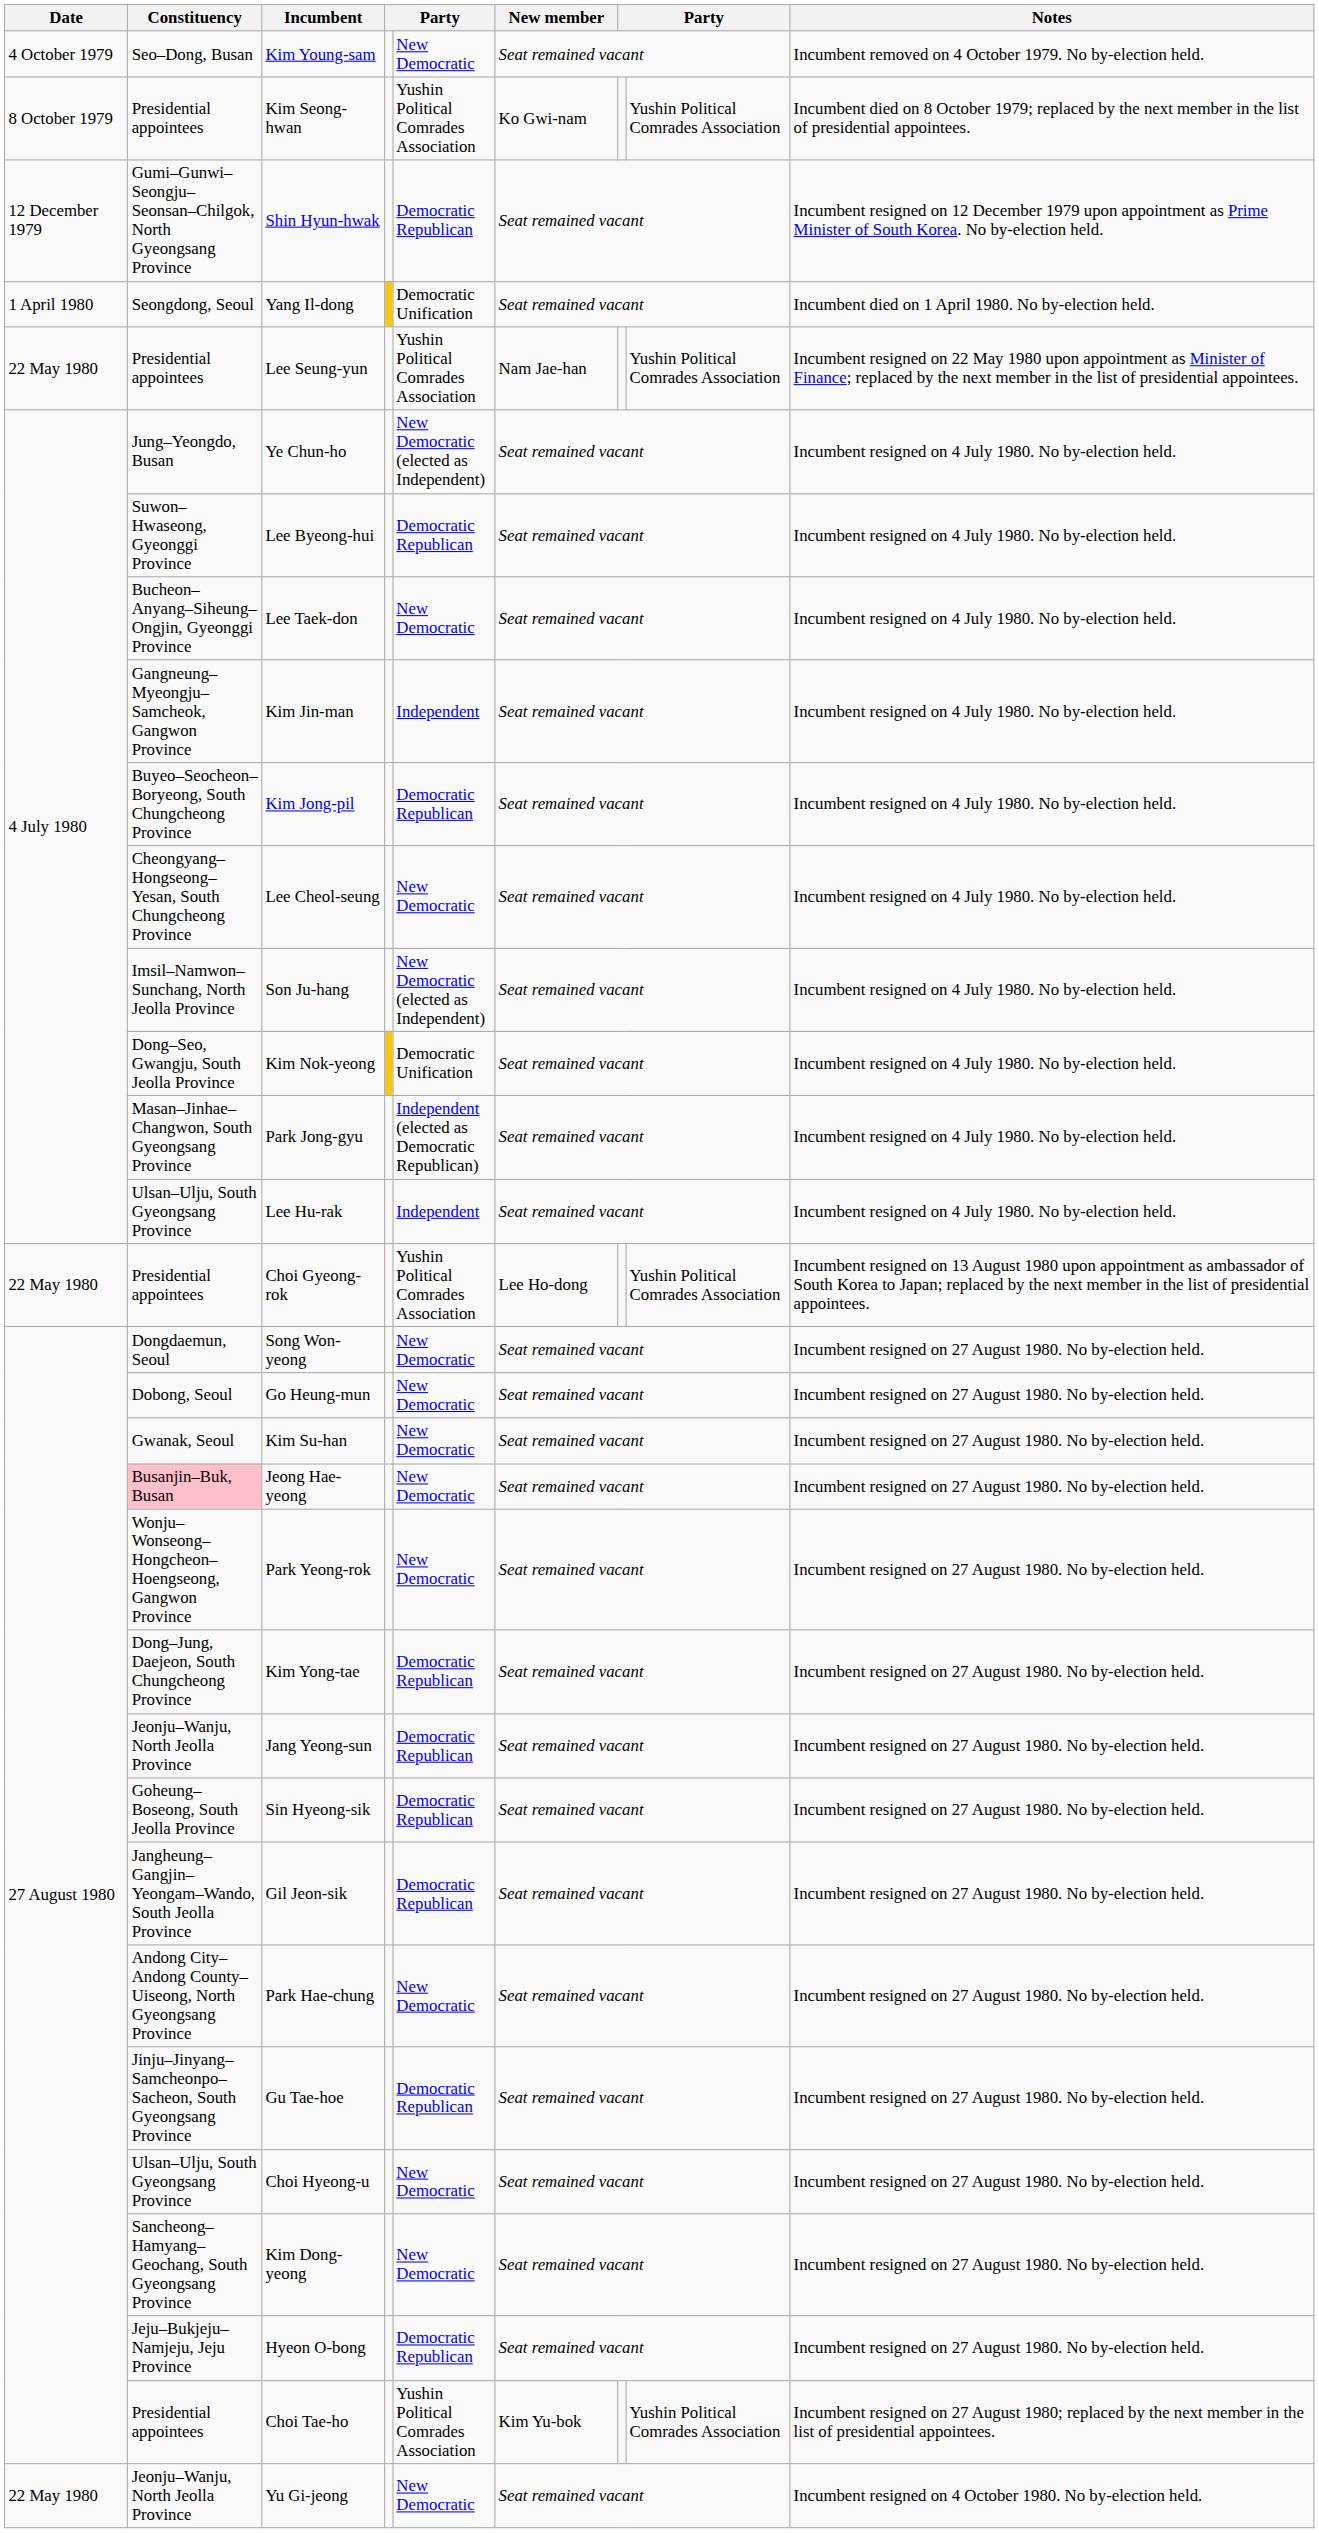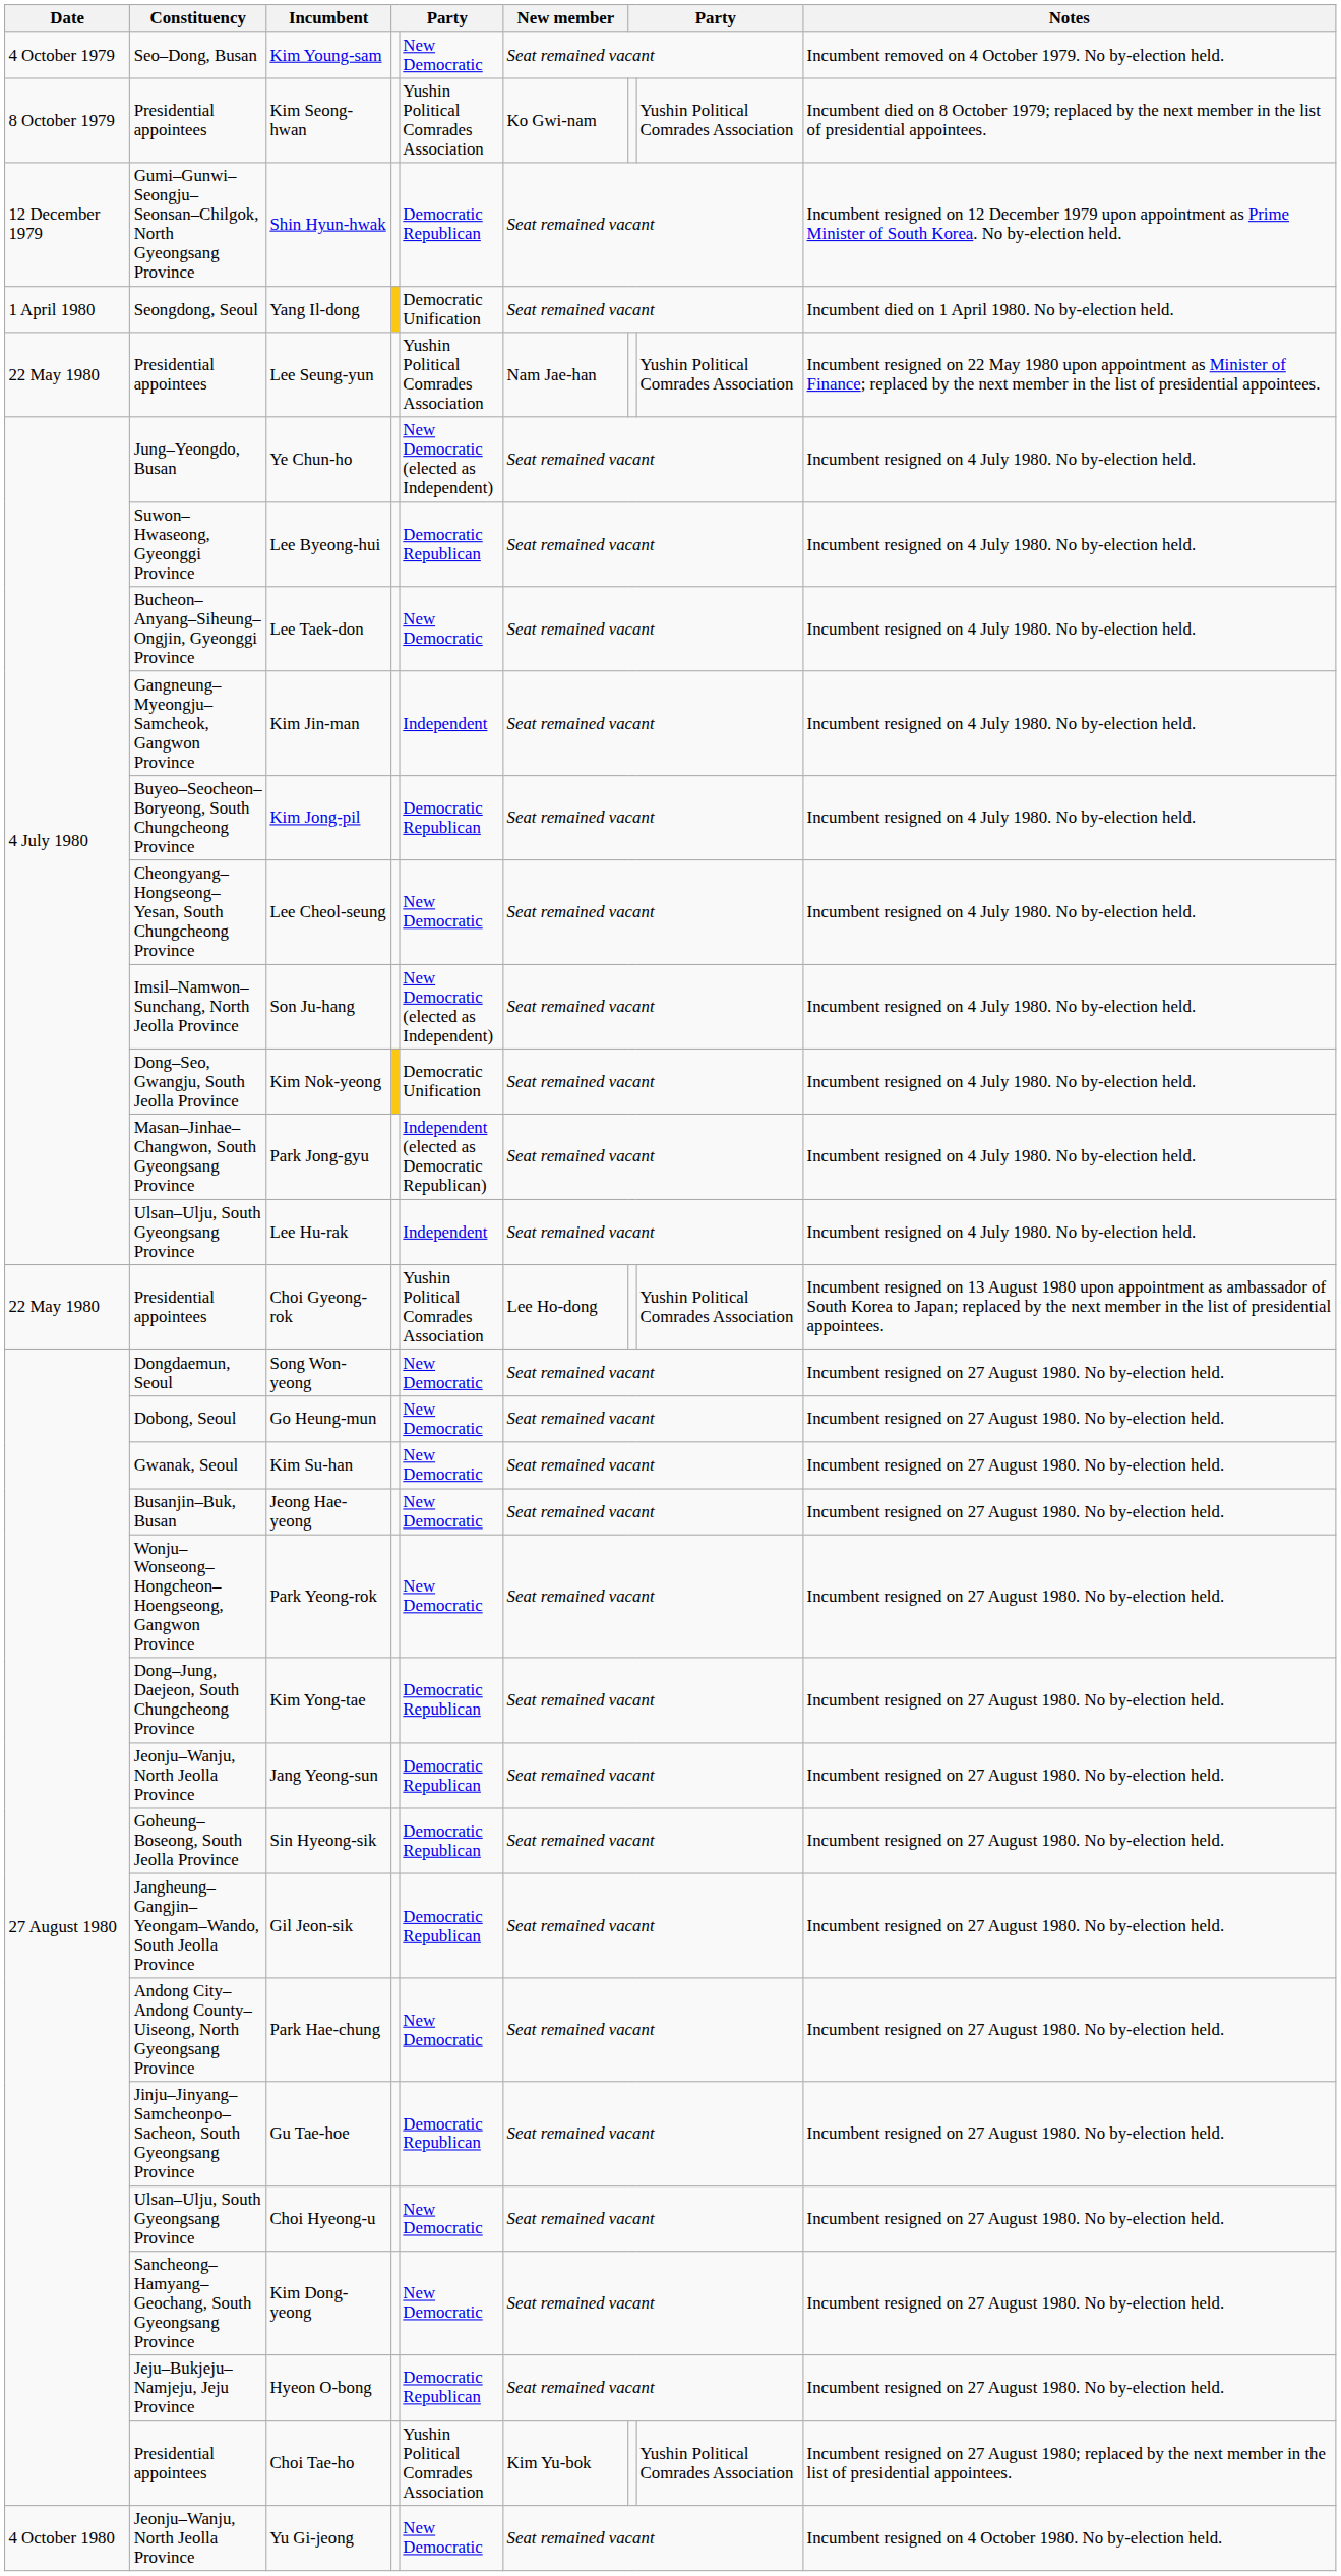 <table class="wikitable sortable plainrowheaders">
 <tr>
 <th width="110px">Date</th>
 <th width="120px">Constituency</th>
 <th width="110px">Incumbent</th>
 <th colspan="2">Party</th>
 <th width="110px">New member</th>
 <th colspan="2">Party</th>
 <th class="unsortable">Notes</th>
 </tr>
 <tr>
 <td>4 October 1979</td>
 <td>Seo–Dong, Busan</td>
 <td><a href='#'>Kim Young-sam</a></td>
 <td></td>
 <td width="90px"><a href='#'>New Democratic</a></td>
 <td colspan="3"><em>Seat remained vacant</em></td>
 <td>Incumbent removed on 4 October 1979. No by-election held.</td>
 </tr>
 <tr>
 <td>8 October 1979</td>
 <td>Presidential appointees</td>
 <td>Kim Seong-hwan</td>
 <td></td>
 <td>Yushin Political Comrades Association</td>
 <td>Ko Gwi-nam</td>
 <td></td>
 <td>Yushin Political Comrades Association</td>
 <td>Incumbent died on 8 October 1979; replaced by the next member in the list of presidential appointees.</td>
 </tr>
 <tr>
 <td>12 December 1979</td>
 <td>Gumi–Gunwi–Seongju–Seonsan–Chilgok, North Gyeongsang Province</td>
 <td><a href='#'>Shin Hyun-hwak</a></td>
 <td></td>
 <td><a href='#'>Democratic Republican</a></td>
 <td colspan="3"><em>Seat remained vacant</em></td>
 <td>Incumbent resigned on 12 December 1979 upon appointment as <a href='#'>Prime Minister of South Korea</a>. No by-election held.</td>
 </tr>
 <tr>
 <td>1 April 1980</td>
 <td>Seongdong, Seoul</td>
 <td>Yang Il-dong</td>
 <td bgcolor=#FAC813></td>
 <td>Democratic Unification</td>
 <td colspan="3"><em>Seat remained vacant</em></td>
 <td>Incumbent died on 1 April 1980. No by-election held.</td>
 </tr>
 <tr>
 <td>22 May 1980</td>
 <td>Presidential appointees</td>
 <td>Lee Seung-yun</td>
 <td></td>
 <td>Yushin Political Comrades Association</td>
 <td>Nam Jae-han</td>
 <td></td>
 <td>Yushin Political Comrades Association</td>
 <td>Incumbent resigned on 22 May 1980 upon appointment as <a href='#'>Minister of Finance</a>; replaced by the next member in the list of presidential appointees.</td>
 </tr>
 <tr>
 <td rowspan="10">4 July 1980</td>
 <td>Jung–Yeongdo, Busan</td>
 <td>Ye Chun-ho</td>
 <td></td>
 <td><a href='#'>New Democratic</a> (elected as Independent)</td>
 <td colspan="3"><em>Seat remained vacant</em></td>
 <td>Incumbent resigned on 4 July 1980. No by-election held.</td>
 </tr>
 <tr>
 <td>Suwon–Hwaseong, Gyeonggi Province</td>
 <td>Lee Byeong-hui</td>
 <td></td>
 <td><a href='#'>Democratic Republican</a></td>
 <td colspan="3"><em>Seat remained vacant</em></td>
 <td>Incumbent resigned on 4 July 1980. No by-election held.</td>
 </tr>
 <tr>
 <td>Bucheon–Anyang–Siheung–Ongjin, Gyeonggi Province</td>
 <td>Lee Taek-don</td>
 <td></td>
 <td><a href='#'>New Democratic</a></td>
 <td colspan="3"><em>Seat remained vacant</em></td>
 <td>Incumbent resigned on 4 July 1980. No by-election held.</td>
 </tr>
 <tr>
 <td>Gangneung–Myeongju–Samcheok, Gangwon Province</td>
 <td>Kim Jin-man</td>
 <td></td>
 <td><a href='#'>Independent</a></td>
 <td colspan="3"><em>Seat remained vacant</em></td>
 <td>Incumbent resigned on 4 July 1980. No by-election held.</td>
 </tr>
 <tr>
 <td>Buyeo–Seocheon–Boryeong, South Chungcheong Province</td>
 <td><a href='#'>Kim Jong-pil</a></td>
 <td></td>
 <td><a href='#'>Democratic Republican</a></td>
 <td colspan="3"><em>Seat remained vacant</em></td>
 <td>Incumbent resigned on 4 July 1980. No by-election held.</td>
 </tr>
 <tr>
 <td>Cheongyang–Hongseong–Yesan, South Chungcheong Province</td>
 <td>Lee Cheol-seung</td>
 <td></td>
 <td><a href='#'>New Democratic</a></td>
 <td colspan="3"><em>Seat remained vacant</em></td>
 <td>Incumbent resigned on 4 July 1980. No by-election held.</td>
 </tr>
 <tr>
 <td>Imsil–Namwon–Sunchang, North Jeolla Province</td>
 <td>Son Ju-hang</td>
 <td></td>
 <td><a href='#'>New Democratic</a> (elected as Independent)</td>
 <td colspan="3"><em>Seat remained vacant</em></td>
 <td>Incumbent resigned on 4 July 1980. No by-election held.</td>
 </tr>
 <tr>
 <td>Dong–Seo, Gwangju, South Jeolla Province</td>
 <td>Kim Nok-yeong</td>
 <td bgcolor=#FAC813></td>
 <td>Democratic Unification</td>
 <td colspan="3"><em>Seat remained vacant</em></td>
 <td>Incumbent resigned on 4 July 1980. No by-election held.</td>
 </tr>
 <tr>
 <td>Masan–Jinhae–Changwon, South Gyeongsang Province</td>
 <td>Park Jong-gyu</td>
 <td></td>
 <td><a href='#'>Independent</a> (elected as Democratic Republican)</td>
 <td colspan="3"><em>Seat remained vacant</em></td>
 <td>Incumbent resigned on 4 July 1980. No by-election held.</td>
 </tr>
 <tr>
 <td>Ulsan–Ulju, South Gyeongsang Province</td>
 <td>Lee Hu-rak</td>
 <td></td>
 <td><a href='#'>Independent</a></td>
 <td colspan="3"><em>Seat remained vacant</em></td>
 <td>Incumbent resigned on 4 July 1980. No by-election held.</td>
 </tr>
 <tr>
 <td>22 May 1980</td>
 <td>Presidential appointees</td>
 <td>Choi Gyeong-rok</td>
 <td></td>
 <td>Yushin Political Comrades Association</td>
 <td>Lee Ho-dong</td>
 <td></td>
 <td>Yushin Political Comrades Association</td>
 <td>Incumbent resigned on 13 August 1980 upon appointment as ambassador of South Korea to Japan; replaced by the next member in the list of presidential appointees.</td>
 </tr>
 <tr>
 <td rowspan="15">27 August 1980</td>
 <td>Dongdaemun, Seoul</td>
 <td>Song Won-yeong</td>
 <td></td>
 <td><a href='#'>New Democratic</a></td>
 <td colspan="3"><em>Seat remained vacant</em></td>
 <td>Incumbent resigned on 27 August 1980. No by-election held.</td>
 </tr>
 <tr>
 <td>Dobong, Seoul</td>
 <td>Go Heung-mun</td>
 <td></td>
 <td><a href='#'>New Democratic</a></td>
 <td colspan="3"><em>Seat remained vacant</em></td>
 <td>Incumbent resigned on 27 August 1980. No by-election held.</td>
 </tr>
 <tr>
 <td>Gwanak, Seoul</td>
 <td>Kim Su-han</td>
 <td></td>
 <td><a href='#'>New Democratic</a></td>
 <td colspan="3"><em>Seat remained vacant</em></td>
 <td>Incumbent resigned on 27 August 1980. No by-election held.</td>
 </tr>
 <tr>
-<td style="background: pink;">Busanjin–Buk, Busan</td>
+<td>Busanjin–Buk, Busan</td>
 <td>Jeong Hae-yeong</td>
 <td></td>
 <td><a href='#'>New Democratic</a></td>
 <td colspan="3"><em>Seat remained vacant</em></td>
 <td>Incumbent resigned on 27 August 1980. No by-election held.</td>
 </tr>
 <tr>
 <td>Wonju–Wonseong–Hongcheon–Hoengseong, Gangwon Province</td>
 <td>Park Yeong-rok</td>
 <td></td>
 <td><a href='#'>New Democratic</a></td>
 <td colspan="3"><em>Seat remained vacant</em></td>
 <td>Incumbent resigned on 27 August 1980. No by-election held.</td>
 </tr>
 <tr>
 <td>Dong–Jung, Daejeon, South Chungcheong Province</td>
 <td>Kim Yong-tae</td>
 <td></td>
 <td><a href='#'>Democratic Republican</a></td>
 <td colspan="3"><em>Seat remained vacant</em></td>
 <td>Incumbent resigned on 27 August 1980. No by-election held.</td>
 </tr>
 <tr>
 <td>Jeonju–Wanju, North Jeolla Province</td>
 <td>Jang Yeong-sun</td>
 <td></td>
 <td><a href='#'>Democratic Republican</a></td>
 <td colspan="3"><em>Seat remained vacant</em></td>
 <td>Incumbent resigned on 27 August 1980. No by-election held.</td>
 </tr>
 <tr>
 <td>Goheung–Boseong, South Jeolla Province</td>
 <td>Sin Hyeong-sik</td>
 <td></td>
 <td><a href='#'>Democratic Republican</a></td>
 <td colspan="3"><em>Seat remained vacant</em></td>
 <td>Incumbent resigned on 27 August 1980. No by-election held.</td>
 </tr>
 <tr>
 <td>Jangheung–Gangjin–Yeongam–Wando, South Jeolla Province</td>
 <td>Gil Jeon-sik</td>
 <td></td>
 <td><a href='#'>Democratic Republican</a></td>
 <td colspan="3"><em>Seat remained vacant</em></td>
 <td>Incumbent resigned on 27 August 1980. No by-election held.</td>
 </tr>
 <tr>
 <td>Andong City–Andong County–Uiseong, North Gyeongsang Province</td>
 <td>Park Hae-chung</td>
 <td></td>
 <td><a href='#'>New Democratic</a></td>
 <td colspan="3"><em>Seat remained vacant</em></td>
 <td>Incumbent resigned on 27 August 1980. No by-election held.</td>
 </tr>
 <tr>
 <td>Jinju–Jinyang–Samcheonpo–Sacheon, South Gyeongsang Province</td>
 <td>Gu Tae-hoe</td>
 <td></td>
 <td><a href='#'>Democratic Republican</a></td>
 <td colspan="3"><em>Seat remained vacant</em></td>
 <td>Incumbent resigned on 27 August 1980. No by-election held.</td>
 </tr>
 <tr>
 <td>Ulsan–Ulju, South Gyeongsang Province</td>
 <td>Choi Hyeong-u</td>
 <td></td>
 <td><a href='#'>New Democratic</a></td>
 <td colspan="3"><em>Seat remained vacant</em></td>
 <td>Incumbent resigned on 27 August 1980. No by-election held.</td>
 </tr>
 <tr>
 <td>Sancheong–Hamyang–Geochang, South Gyeongsang Province</td>
 <td>Kim Dong-yeong</td>
 <td></td>
 <td><a href='#'>New Democratic</a></td>
 <td colspan="3"><em>Seat remained vacant</em></td>
 <td>Incumbent resigned on 27 August 1980. No by-election held.</td>
 </tr>
 <tr>
 <td>Jeju–Bukjeju–Namjeju, Jeju Province</td>
 <td>Hyeon O-bong</td>
 <td></td>
 <td><a href='#'>Democratic Republican</a></td>
 <td colspan="3"><em>Seat remained vacant</em></td>
 <td>Incumbent resigned on 27 August 1980. No by-election held.</td>
 </tr>
 <tr>
 <td>Presidential appointees</td>
 <td>Choi Tae-ho</td>
 <td></td>
 <td>Yushin Political Comrades Association</td>
 <td>Kim Yu-bok</td>
 <td></td>
 <td>Yushin Political Comrades Association</td>
 <td>Incumbent resigned on 27 August 1980; replaced by the next member in the list of presidential appointees.</td>
 </tr>
 <tr>
-<td>22 May 1980</td>
+<td>4 October 1980</td>
 <td>Jeonju–Wanju, North Jeolla Province</td>
 <td>Yu Gi-jeong</td>
 <td></td>
 <td><a href='#'>New Democratic</a></td>
 <td colspan="3"><em>Seat remained vacant</em></td>
 <td>Incumbent resigned on 4 October 1980. No by-election held.</td>
 </tr>
 </table>
